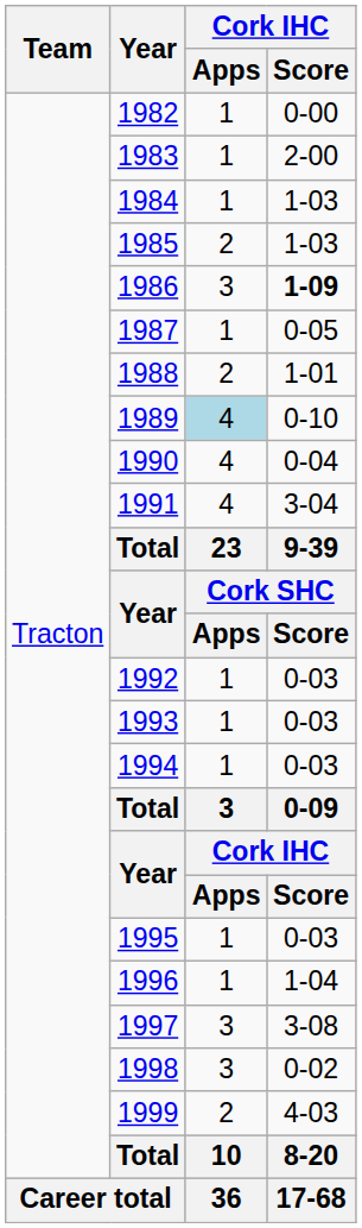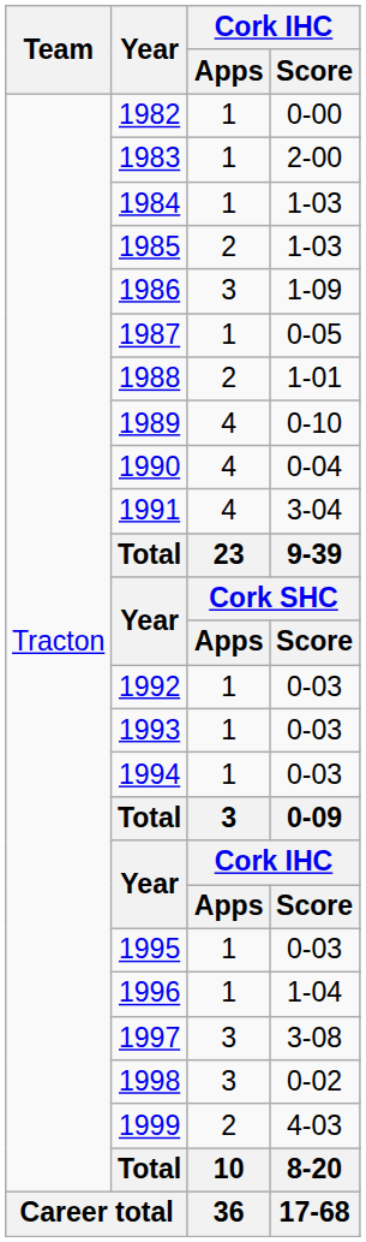 <table class="wikitable" style="text-align:center">
 <tr>
 <th rowspan="2">Team</th>
 <th rowspan="2">Year</th>
 <th colspan="2"><a href='#'>Cork IHC</a></th>
 </tr>
 <tr>
 <th>Apps</th>
 <th>Score</th>
 </tr>
 <tr>
 <td rowspan="25"><a href='#'>Tracton</a></td>
 <td><a href='#'>1982</a></td>
 <td>1</td>
 <td>0-00</td>
 </tr>
 <tr>
 <td><a href='#'>1983</a></td>
 <td>1</td>
 <td>2-00</td>
 </tr>
 <tr>
 <td><a href='#'>1984</a></td>
 <td>1</td>
 <td>1-03</td>
 </tr>
 <tr>
 <td><a href='#'>1985</a></td>
 <td>2</td>
 <td>1-03</td>
 </tr>
 <tr>
 <td><a href='#'>1986</a></td>
 <td>3</td>
-<td><strong>1-09</strong></td>
+<td>1-09</td>
 </tr>
 <tr>
 <td><a href='#'>1987</a></td>
 <td>1</td>
 <td>0-05</td>
 </tr>
 <tr>
 <td><a href='#'>1988</a></td>
 <td>2</td>
 <td>1-01</td>
 </tr>
 <tr>
 <td><a href='#'>1989</a></td>
-<td style="background: lightblue;">4</td>
+<td>4</td>
 <td>0-10</td>
 </tr>
 <tr>
 <td><a href='#'>1990</a></td>
 <td>4</td>
 <td>0-04</td>
 </tr>
 <tr>
 <td><a href='#'>1991</a></td>
 <td>4</td>
 <td>3-04</td>
 </tr>
 <tr>
 <th>Total</th>
 <th>23</th>
 <th>9-39</th>
 </tr>
 <tr>
 <th rowspan=2>Year</th>
 <th colspan=2><a href='#'>Cork SHC</a></th>
 </tr>
 <tr>
 <th>Apps</th>
 <th>Score</th>
 </tr>
 <tr>
 <td><a href='#'>1992</a></td>
 <td>1</td>
 <td>0-03</td>
 </tr>
 <tr>
 <td><a href='#'>1993</a></td>
 <td>1</td>
 <td>0-03</td>
 </tr>
 <tr>
 <td><a href='#'>1994</a></td>
 <td>1</td>
 <td>0-03</td>
 </tr>
 <tr>
 <th>Total</th>
 <th>3</th>
 <th>0-09</th>
 </tr>
 <tr>
 <th rowspan=2>Year</th>
 <th colspan=2><a href='#'>Cork IHC</a></th>
 </tr>
 <tr>
 <th>Apps</th>
 <th>Score</th>
 </tr>
 <tr>
 <td><a href='#'>1995</a></td>
 <td>1</td>
 <td>0-03</td>
 </tr>
 <tr>
 <td><a href='#'>1996</a></td>
 <td>1</td>
 <td>1-04</td>
 </tr>
 <tr>
 <td><a href='#'>1997</a></td>
 <td>3</td>
 <td>3-08</td>
 </tr>
 <tr>
 <td><a href='#'>1998</a></td>
 <td>3</td>
 <td>0-02</td>
 </tr>
 <tr>
 <td><a href='#'>1999</a></td>
 <td>2</td>
 <td>4-03</td>
 </tr>
 <tr>
 <th>Total</th>
 <th>10</th>
 <th>8-20</th>
 </tr>
 <tr>
 <th colspan="2">Career total</th>
 <th>36</th>
 <th>17-68</th>
 </tr>
 </table>
